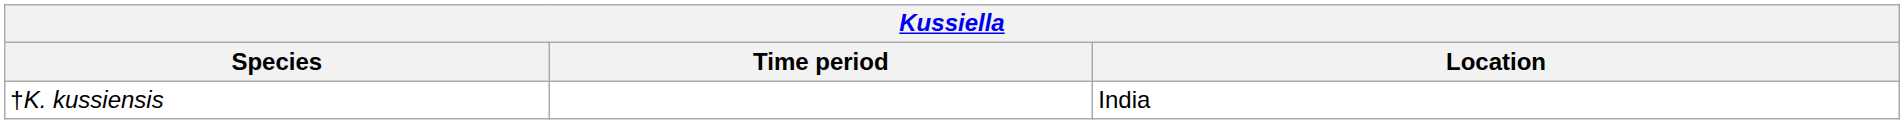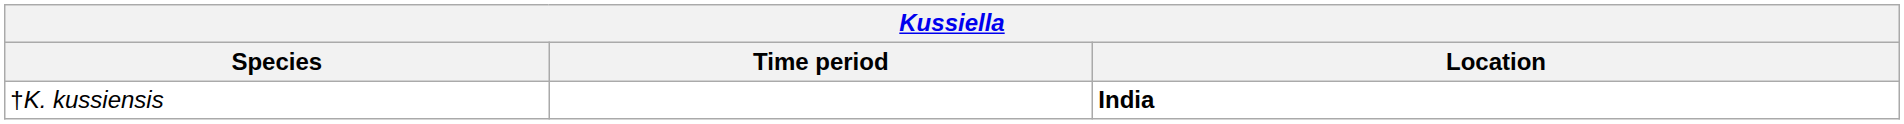 <table class="wikitable sortable" style="background:white; width:100%;">
 <tr>
 <th colspan="5" align="center"><em><a href='#'>Kussiella</a></em></th>
 </tr>
 <tr>
 <th style=width:200px>Species</th>
 <th style=width:200px>Time period</th>
 <th style=width:300px>Location</th>
 </tr>
 <tr>
 <td>†<em>K. kussiensis</em></td>
 <td></td>
-<td>India</td>
+<td><strong>India</strong></td>
 </tr>
 </table>
